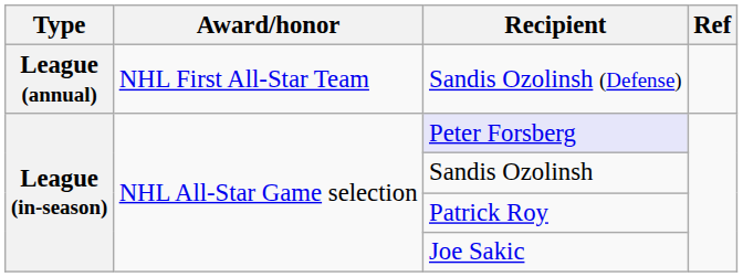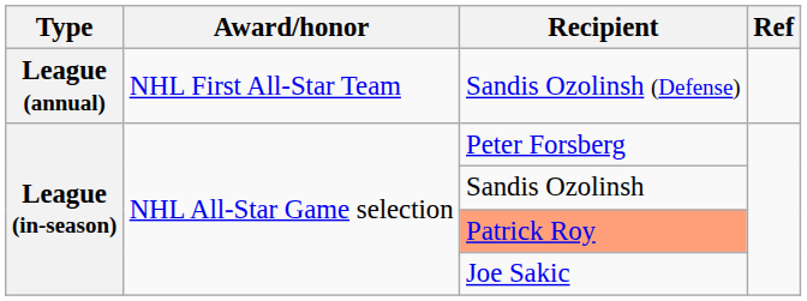 <table class="wikitable">
 <tr>
 <th scope="col">Type</th>
 <th scope="col">Award/honor</th>
 <th scope="col">Recipient</th>
 <th scope="col">Ref</th>
 </tr>
 <tr>
 <th scope="row">League<br><small>(annual)</small></th>
 <td><a href='#'>NHL First All-Star Team</a></td>
 <td><a href='#'>Sandis Ozolinsh</a> <small>(<a href='#'>Defense</a>)</small></td>
 <td></td>
 </tr>
 <tr>
 <th scope="row" rowspan="4">League<br><small>(in-season)</small></th>
 <td rowspan="4"><a href='#'>NHL All-Star Game</a> selection</td>
-<td style="background: lavender;"><a href='#'>Peter Forsberg</a></td>
+<td><a href='#'>Peter Forsberg</a></td>
 <td rowspan="4"></td>
 </tr>
 <tr>
 <td>Sandis Ozolinsh</td>
 </tr>
 <tr>
-<td><a href='#'>Patrick Roy</a></td>
+<td style="background: lightsalmon;"><a href='#'>Patrick Roy</a></td>
 </tr>
 <tr>
 <td><a href='#'>Joe Sakic</a></td>
 </tr>
 </table>
